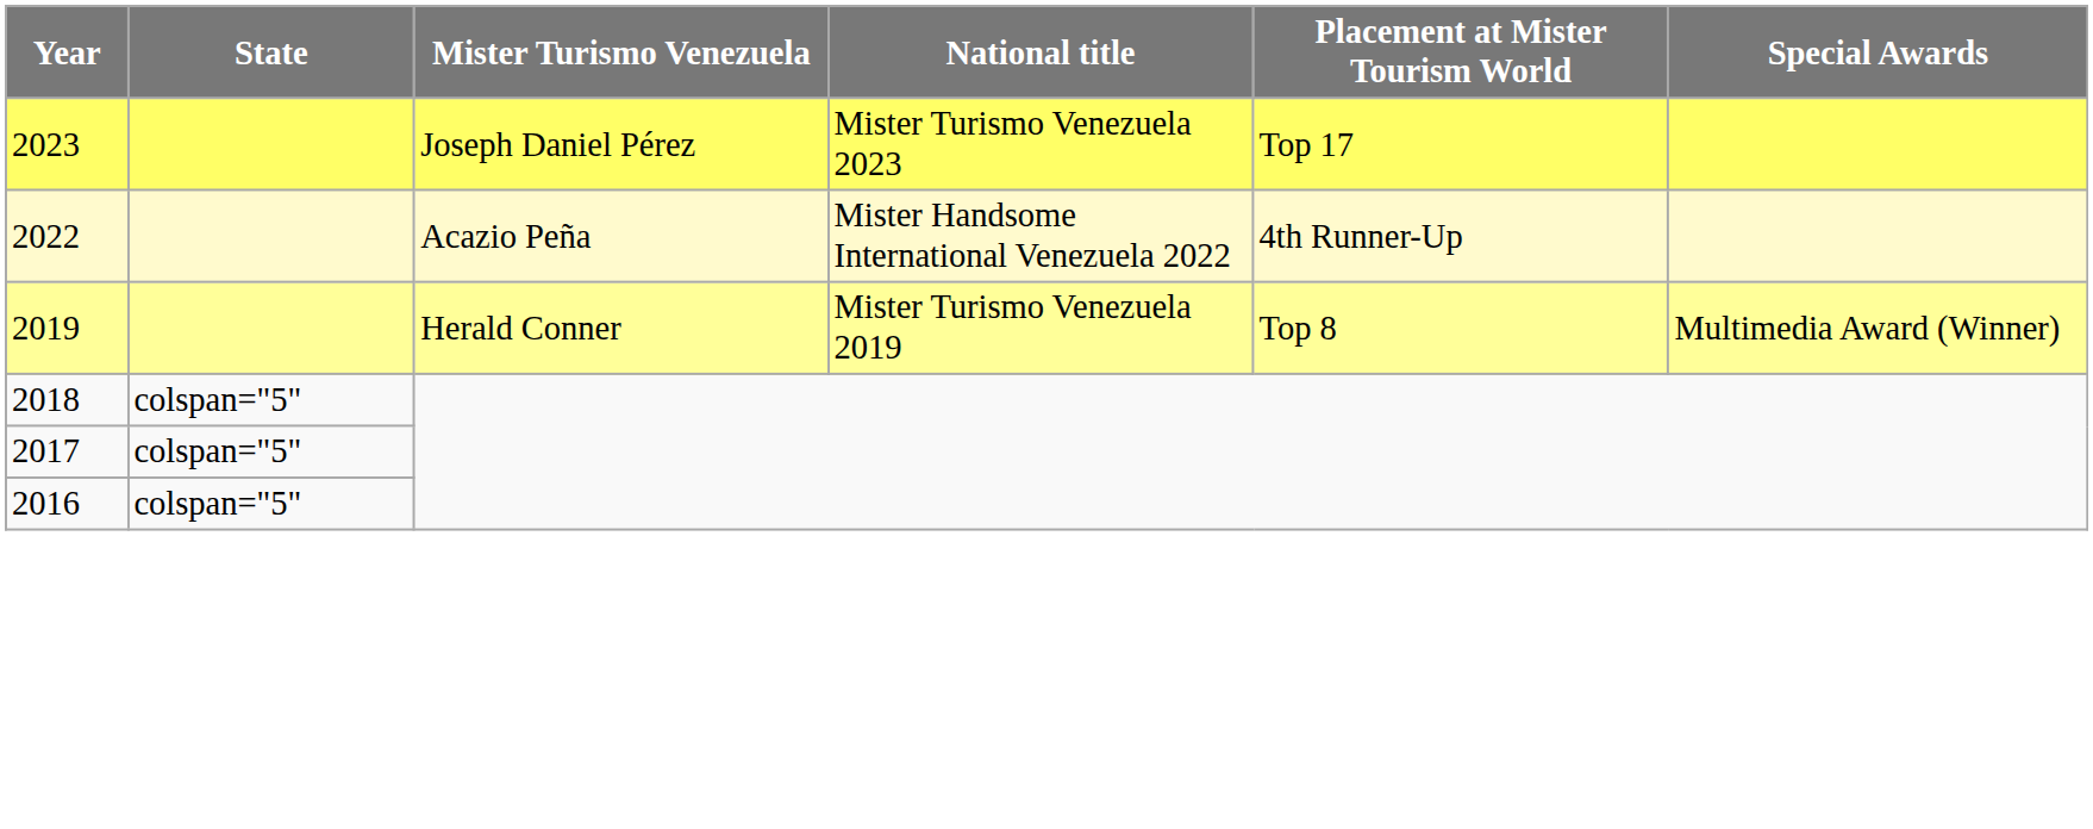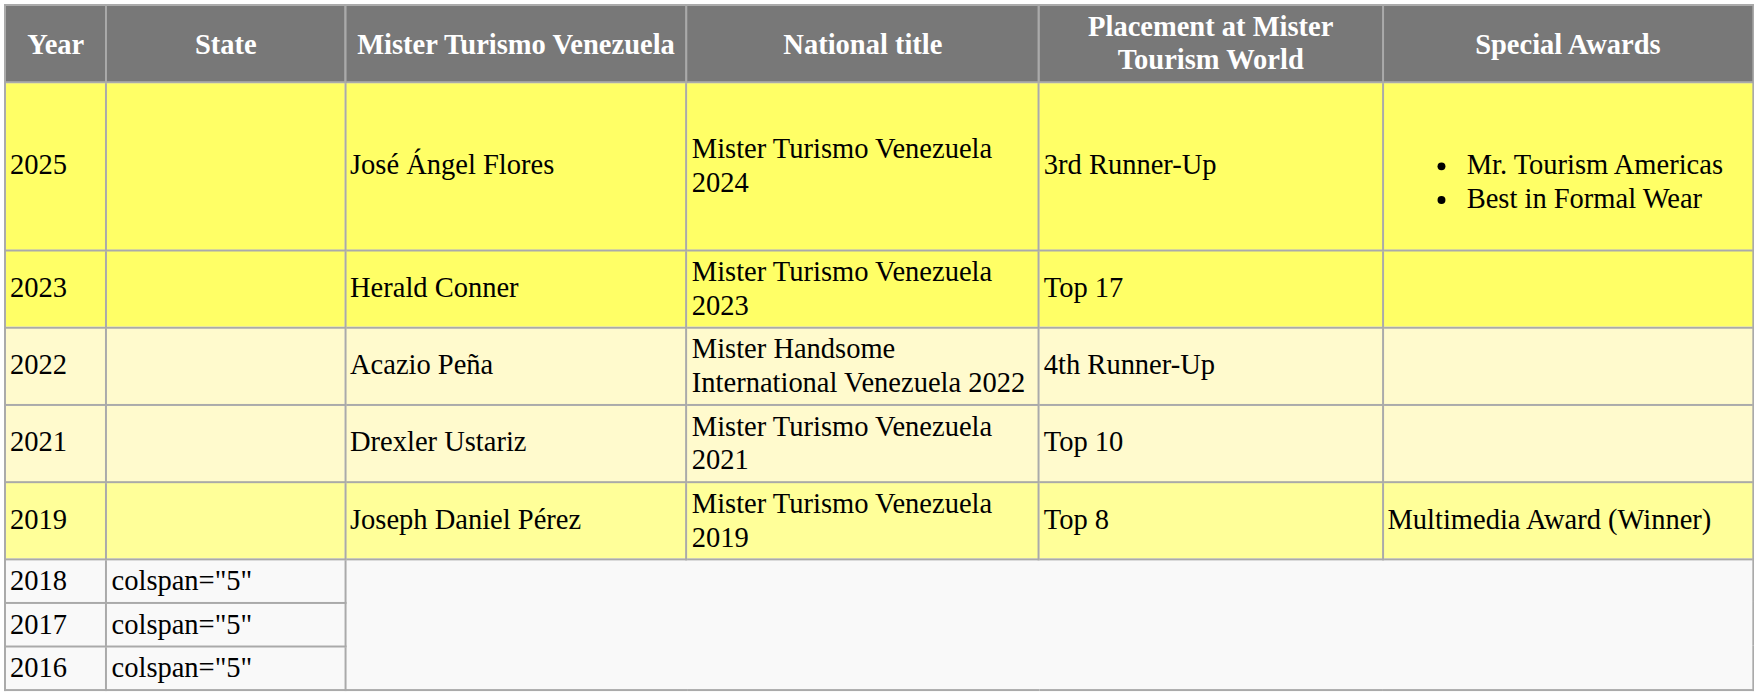 <table class="sortable" border="5" cellpadding="2" cellspacing="0" align=" 0 1em 0 0" style="background: #f9f9f9; border: 1px #aaa solid; border-collapse: collapse; font-size: 90%">
 <tr>
 <th width="60" style="background-color:#787878;color:#FFFFFF;">Year</th>
 <th width="150" style="background-color:#787878;color:#FFFFFF;">State</th>
 <th width="250" style="background-color:#787878;color:#FFFFFF;">Mister Turismo Venezuela</th>
 <th width="250" style="background-color:#787878;color:#FFFFFF;">National title</th>
 <th width="250" style="background-color:#787878;color:#FFFFFF;">Placement at Mister Tourism World</th>
 <th width="250" style="background-color:#787878;color:#FFFFFF;">Special Awards</th>
 </tr>
 <tr bgcolor="#FFFF66">
+<td>2025</td>
+<td></td>
+<td>José Ángel Flores</td>
+<td>Mister Turismo Venezuela 2024</td>
+<td>3rd Runner-Up</td>
+<td><br><ul><li>Mr. Tourism Americas</li><li>Best in Formal Wear</li></ul></td>
+</tr>
+<tr bgcolor="#FFFF66">
 <td>2023</td>
 <td></td>
-<td>Joseph Daniel Pérez</td>
+<td>Herald Conner</td>
 <td>Mister Turismo Venezuela 2023</td>
 <td>Top 17</td>
 <td></td>
 </tr>
 <tr bgcolor="#FFFACD">
 <td>2022</td>
 <td></td>
 <td>Acazio Peña</td>
 <td>Mister Handsome International Venezuela 2022</td>
 <td>4th Runner-Up</td>
 <td></td>
 </tr>
+<tr bgcolor="#FFFACD">
+<td>2021</td>
+<td></td>
+<td>Drexler Ustariz</td>
+<td>Mister Turismo Venezuela 2021</td>
+<td>Top 10</td>
+<td></td>
+</tr>
 <tr bgcolor="#FFFF99">
 <td>2019</td>
 <td></td>
-<td>Herald Conner</td>
+<td>Joseph Daniel Pérez</td>
 <td>Mister Turismo Venezuela 2019</td>
 <td>Top 8</td>
 <td>Multimedia Award (Winner)</td>
 </tr>
 <tr>
 <td>2018</td>
 <td>colspan="5" </td>
 </tr>
 <tr>
 <td>2017</td>
 <td>colspan="5" </td>
 </tr>
 <tr>
 <td>2016</td>
 <td>colspan="5" </td>
 </tr>
 </table>
